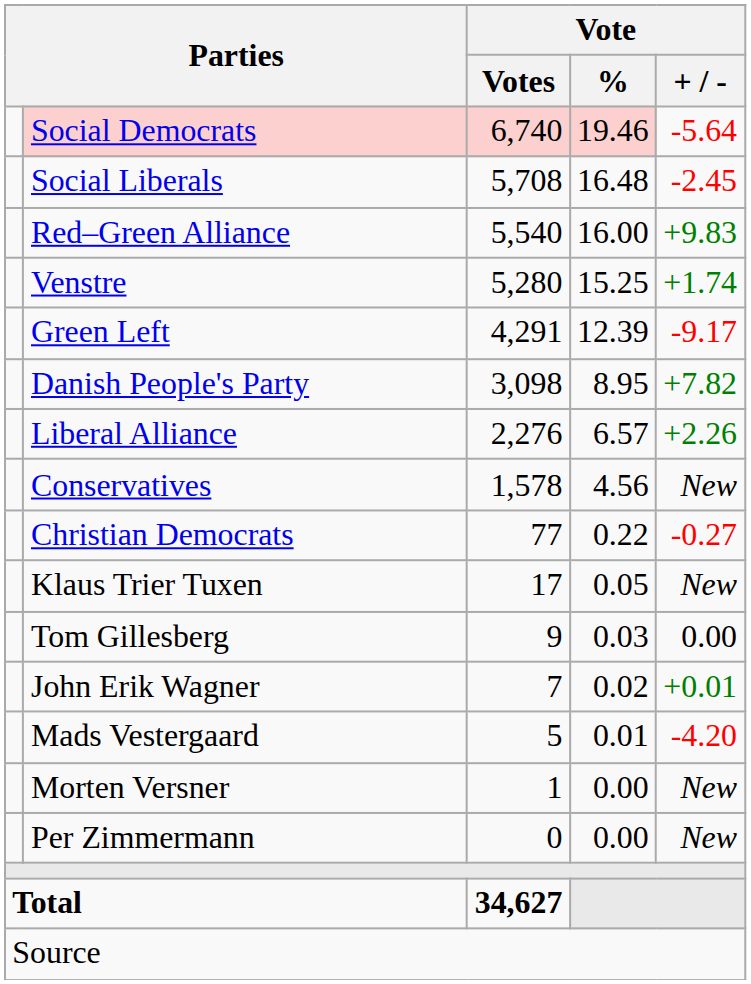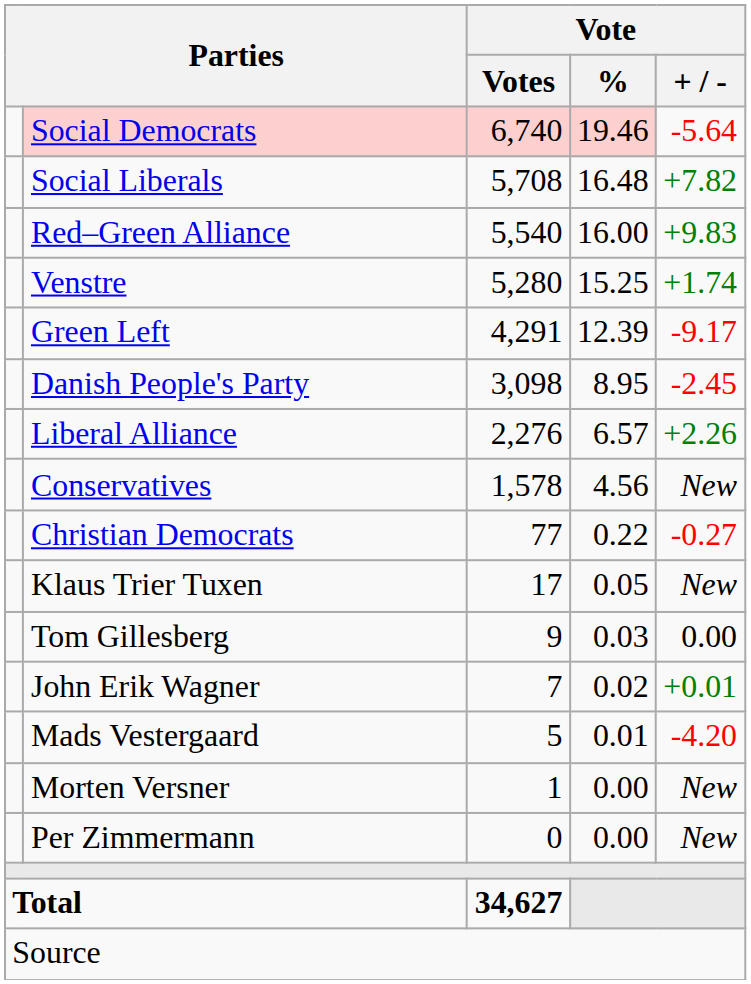 <table class="wikitable" style="text-align:right;">
 <tr>
 <th style="text-align:centre;" rowspan="2" colspan="2" width="225">Parties</th>
 <th colspan="3">Vote</th>
 </tr>
 <tr>
 <th width="15">Votes</th>
 <th width="15">%</th>
 <th width="15">+ / -</th>
 </tr>
 <tr>
 <td width="2" style="color:inherit;background:"></td>
 <td bgcolor=#fbd0ce  align="left"><a href='#'>Social Democrats</a></td>
 <td bgcolor=#fbd0ce>6,740</td>
 <td bgcolor=#fbd0ce>19.46</td>
 <td style=color:red;>-5.64</td>
 </tr>
 <tr>
 <td width="2" style="color:inherit;background:"></td>
 <td align="left"><a href='#'>Social Liberals</a></td>
 <td>5,708</td>
 <td>16.48</td>
-<td style=color:red;>-2.45</td>
+<td style=color:green;>+7.82</td>
 </tr>
 <tr>
 <td width="2" style="color:inherit;background:"></td>
 <td align="left"><a href='#'>Red–Green Alliance</a></td>
 <td>5,540</td>
 <td>16.00</td>
 <td style=color:green;>+9.83</td>
 </tr>
 <tr>
 <td width="2" style="color:inherit;background:"></td>
 <td align="left"><a href='#'>Venstre</a></td>
 <td>5,280</td>
 <td>15.25</td>
 <td style=color:green;>+1.74</td>
 </tr>
 <tr>
 <td width="2" style="color:inherit;background:"></td>
 <td align="left"><a href='#'>Green Left</a></td>
 <td>4,291</td>
 <td>12.39</td>
 <td style=color:red;>-9.17</td>
 </tr>
 <tr>
 <td width="2" style="color:inherit;background:"></td>
 <td align="left"><a href='#'>Danish People's Party</a></td>
 <td>3,098</td>
 <td>8.95</td>
-<td style=color:green;>+7.82</td>
+<td style=color:red;>-2.45</td>
 </tr>
 <tr>
 <td width="2" style="color:inherit;background:"></td>
 <td align="left"><a href='#'>Liberal Alliance</a></td>
 <td>2,276</td>
 <td>6.57</td>
 <td style=color:green;>+2.26</td>
 </tr>
 <tr>
 <td width="2" style="color:inherit;background:"></td>
 <td align="left"><a href='#'>Conservatives</a></td>
 <td>1,578</td>
 <td>4.56</td>
 <td><em>New</em></td>
 </tr>
 <tr>
 <td width="2" style="color:inherit;background:"></td>
 <td align="left"><a href='#'>Christian Democrats</a></td>
 <td>77</td>
 <td>0.22</td>
 <td style=color:red;>-0.27</td>
 </tr>
 <tr>
 <td width="2" style="color:inherit;background:"></td>
 <td align="left">Klaus Trier Tuxen</td>
 <td>17</td>
 <td>0.05</td>
 <td><em>New</em></td>
 </tr>
 <tr>
 <td width="2" style="color:inherit;background:"></td>
 <td align="left">Tom Gillesberg</td>
 <td>9</td>
 <td>0.03</td>
 <td>0.00</td>
 </tr>
 <tr>
 <td width="2" style="color:inherit;background:"></td>
 <td align="left">John Erik Wagner</td>
 <td>7</td>
 <td>0.02</td>
 <td style=color:green;>+0.01</td>
 </tr>
 <tr>
 <td width="2" style="color:inherit;background:"></td>
 <td align="left">Mads Vestergaard</td>
 <td>5</td>
 <td>0.01</td>
 <td style=color:red;>-4.20</td>
 </tr>
 <tr>
 <td width="2" style="color:inherit;background:"></td>
 <td align="left">Morten Versner</td>
 <td>1</td>
 <td>0.00</td>
 <td><em>New</em></td>
 </tr>
 <tr>
 <td width="2" style="color:inherit;background:"></td>
 <td align="left">Per Zimmermann</td>
 <td>0</td>
 <td>0.00</td>
 <td><em>New</em></td>
 </tr>
 <tr>
 <td colspan="7" bgcolor="#E9E9E9"></td>
 </tr>
 <tr>
 <td align="left" colspan="2"><strong>Total</strong></td>
 <td><strong>34,627</strong></td>
 <td bgcolor="#E9E9E9" colspan="2"></td>
 </tr>
 <tr>
 <td align="left" colspan="6">Source</td>
 </tr>
 </table>
